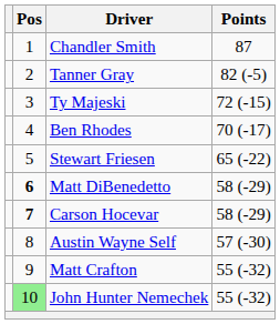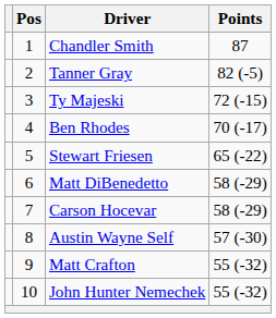 <table class="wikitable" style="font-size: 95%;">
 <tr>
 <th></th>
 <th>Pos</th>
 <th>Driver</th>
 <th>Points</th>
 </tr>
 <tr>
 <td align="left"></td>
 <td style="text-align:center;">1</td>
 <td><a href='#'>Chandler Smith</a></td>
 <td style="text-align:center;">87</td>
 </tr>
 <tr>
 <td align="left"></td>
 <td style="text-align:center;">2</td>
 <td><a href='#'>Tanner Gray</a></td>
 <td style="text-align:center;">82 (-5)</td>
 </tr>
 <tr>
 <td align="left"></td>
 <td style="text-align:center;">3</td>
 <td><a href='#'>Ty Majeski</a></td>
 <td style="text-align:center;">72 (-15)</td>
 </tr>
 <tr>
 <td align="left"></td>
 <td style="text-align:center;">4</td>
 <td><a href='#'>Ben Rhodes</a></td>
 <td style="text-align:center;">70 (-17)</td>
 </tr>
 <tr>
 <td align="left"></td>
 <td style="text-align:center;">5</td>
 <td><a href='#'>Stewart Friesen</a></td>
 <td style="text-align:center;">65 (-22)</td>
 </tr>
 <tr>
 <td align="left"></td>
-<td style="text-align:center;"><strong>6</strong></td>
+<td style="text-align:center;">6</td>
 <td><a href='#'>Matt DiBenedetto</a></td>
 <td style="text-align:center;">58 (-29)</td>
 </tr>
 <tr>
 <td align="left"></td>
-<td style="text-align:center;"><strong>7</strong></td>
+<td style="text-align:center;">7</td>
 <td><a href='#'>Carson Hocevar</a></td>
 <td style="text-align:center;">58 (-29)</td>
 </tr>
 <tr>
 <td align="left"></td>
 <td style="text-align:center;">8</td>
 <td><a href='#'>Austin Wayne Self</a></td>
 <td style="text-align:center;">57 (-30)</td>
 </tr>
 <tr>
 <td align="left"></td>
 <td style="text-align:center;">9</td>
 <td><a href='#'>Matt Crafton</a></td>
 <td style="text-align:center;">55 (-32)</td>
 </tr>
 <tr>
 <td align="left"></td>
-<td style="background: lightgreen; text-align:center;">10</td>
+<td style="text-align:center;">10</td>
 <td><a href='#'>John Hunter Nemechek</a></td>
 <td style="text-align:center;">55 (-32)</td>
 </tr>
 <tr class="sortbottom">
 <th colspan="9"></th>
 </tr>
 </table>
